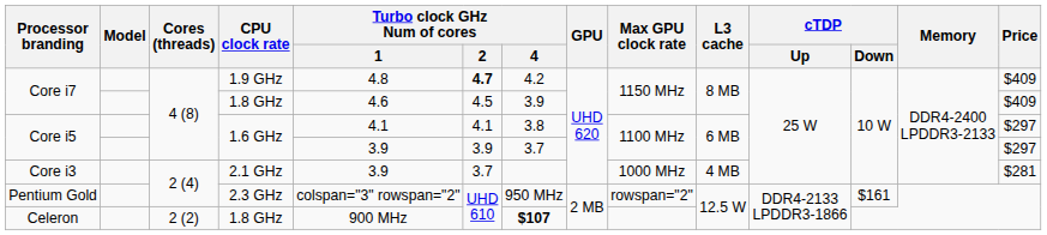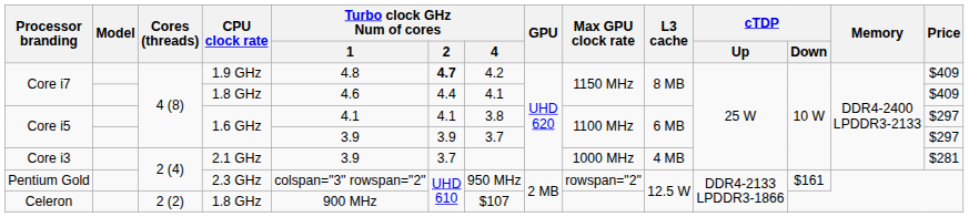 <table class="wikitable sortable" style="text-align: center;">
 <tr>
 <th rowspan="2">Processor<br>branding</th>
 <th rowspan="2">Model</th>
 <th rowspan="2">Cores<br>(threads)</th>
 <th rowspan="2">CPU<br><a href='#'>clock rate</a></th>
 <th colspan="3"><a href='#'>Turbo</a> clock GHz<br>Num of cores</th>
 <th rowspan="2">GPU</th>
 <th rowspan="2">Max GPU<br>clock rate</th>
 <th rowspan="2">L3<br>cache</th>
 <th colspan="2"><a href='#'>cTDP</a></th>
 <th rowspan="2">Memory</th>
 <th rowspan="2">Price</th>
 </tr>
 <tr>
 <th>1</th>
 <th>2</th>
 <th>4</th>
 <th>Up</th>
 <th>Down</th>
 </tr>
 <tr>
 <td rowspan="2">Core i7</td>
 <td></td>
 <td rowspan="4">4 (8)</td>
 <td>1.9 GHz</td>
 <td>4.8</td>
 <td><strong>4.7</strong></td>
 <td>4.2</td>
 <td rowspan="5"><a href='#'>UHD<br>620</a></td>
 <td rowspan="2">1150 MHz</td>
 <td rowspan="2">8 MB</td>
 <td rowspan="5">25 W</td>
 <td rowspan="5">10 W</td>
 <td rowspan="5">DDR4-2400<br>LPDDR3-2133</td>
 <td>$409</td>
 </tr>
 <tr>
 <td></td>
 <td>1.8 GHz</td>
 <td>4.6</td>
-<td>4.5</td>
-<td>3.9</td>
+<td>4.4</td>
+<td>4.1</td>
 <td>$409</td>
 </tr>
 <tr>
 <td rowspan="2">Core i5</td>
 <td></td>
 <td rowspan="2">1.6 GHz</td>
 <td>4.1</td>
 <td>4.1</td>
 <td>3.8</td>
 <td rowspan="2">1100 MHz</td>
 <td rowspan="2">6 MB</td>
 <td>$297</td>
 </tr>
 <tr>
 <td></td>
 <td>3.9</td>
 <td>3.9</td>
 <td>3.7</td>
 <td>$297</td>
 </tr>
 <tr>
 <td>Core i3</td>
 <td></td>
 <td rowspan="2">2 (4)</td>
 <td>2.1 GHz</td>
 <td>3.9</td>
 <td>3.7</td>
 <td></td>
 <td>1000 MHz</td>
 <td>4 MB</td>
 <td>$281</td>
 </tr>
 <tr>
 <td>Pentium Gold</td>
 <td></td>
 <td>2.3 GHz</td>
 <td>colspan="3" rowspan="2" </td>
 <td rowspan="2"><a href='#'>UHD<br>610</a></td>
 <td>950 MHz</td>
 <td rowspan="2">2 MB</td>
 <td>rowspan="2" </td>
 <td rowspan="2">12.5 W</td>
 <td rowspan="2">DDR4-2133<br>LPDDR3-1866</td>
 <td>$161</td>
 </tr>
 <tr>
 <td>Celeron</td>
 <td></td>
 <td>2 (2)</td>
 <td>1.8 GHz</td>
 <td>900 MHz</td>
-<td><strong>$107</strong></td>
+<td>$107</td>
 </tr>
 </table>
